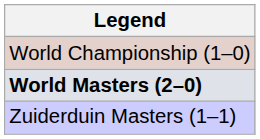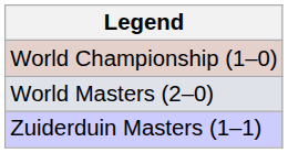 <table class="wikitable">
 <tr>
 <th>Legend</th>
 </tr>
 <tr style="background:#e5d1cb;">
 <td>World Championship (1–0)</td>
 </tr>
 <tr style="background:#dfe2e9;">
-<td><strong>World Masters (2–0)</strong></td>
+<td>World Masters (2–0)</td>
 </tr>
 <tr style="background:#ccf;">
 <td>Zuiderduin Masters (1–1)</td>
 </tr>
 </table>
